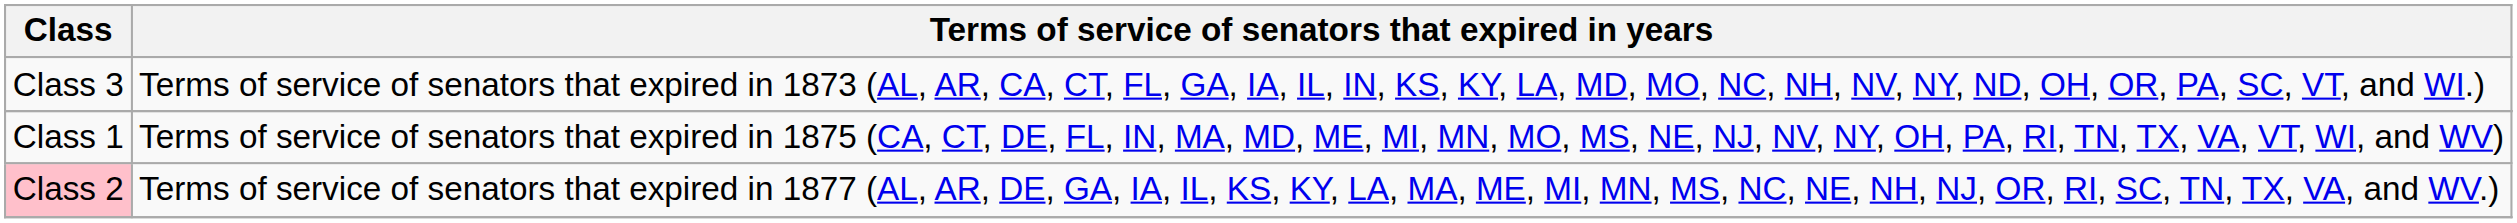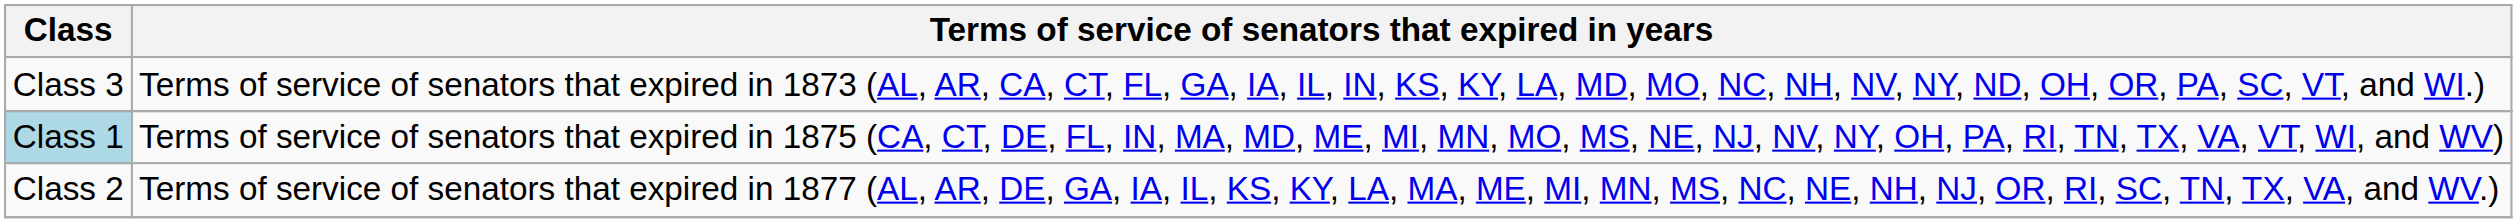 <table class="wikitable sortable">
 <tr valign=bottom>
 <th>Class</th>
 <th>Terms of service of senators that expired in years</th>
 </tr>
 <tr>
 <td>Class 3</td>
 <td>Terms of service of senators that expired in 1873 (<a href='#'>AL</a>, <a href='#'>AR</a>, <a href='#'>CA</a>, <a href='#'>CT</a>, <a href='#'>FL</a>, <a href='#'>GA</a>, <a href='#'>IA</a>, <a href='#'>IL</a>, <a href='#'>IN</a>, <a href='#'>KS</a>, <a href='#'>KY</a>, <a href='#'>LA</a>, <a href='#'>MD</a>, <a href='#'>MO</a>, <a href='#'>NC</a>, <a href='#'>NH</a>, <a href='#'>NV</a>, <a href='#'>NY</a>, <a href='#'>ND</a>, <a href='#'>OH</a>, <a href='#'>OR</a>, <a href='#'>PA</a>, <a href='#'>SC</a>, <a href='#'>VT</a>, and <a href='#'>WI</a>.)</td>
 </tr>
 <tr>
 </tr>
 <tr>
-<td>Class 1</td>
+<td style="background: lightblue;">Class 1</td>
 <td>Terms of service of senators that expired in 1875 (<a href='#'>CA</a>, <a href='#'>CT</a>, <a href='#'>DE</a>, <a href='#'>FL</a>, <a href='#'>IN</a>, <a href='#'>MA</a>, <a href='#'>MD</a>, <a href='#'>ME</a>,  <a href='#'>MI</a>, <a href='#'>MN</a>, <a href='#'>MO</a>, <a href='#'>MS</a>, <a href='#'>NE</a>, <a href='#'>NJ</a>,  <a href='#'>NV</a>, <a href='#'>NY</a>, <a href='#'>OH</a>, <a href='#'>PA</a>, <a href='#'>RI</a>, <a href='#'>TN</a>, <a href='#'>TX</a>, <a href='#'>VA</a>, <a href='#'>VT</a>, <a href='#'>WI</a>, and <a href='#'>WV</a>)</td>
 </tr>
 <tr>
-<td style="background: pink;">Class 2</td>
+<td>Class 2</td>
 <td>Terms of service of senators that expired in 1877 (<a href='#'>AL</a>, <a href='#'>AR</a>, <a href='#'>DE</a>, <a href='#'>GA</a>, <a href='#'>IA</a>, <a href='#'>IL</a>, <a href='#'>KS</a>, <a href='#'>KY</a>, <a href='#'>LA</a>, <a href='#'>MA</a>, <a href='#'>ME</a>, <a href='#'>MI</a>, <a href='#'>MN</a>, <a href='#'>MS</a>, <a href='#'>NC</a>, <a href='#'>NE</a>, <a href='#'>NH</a>, <a href='#'>NJ</a>, <a href='#'>OR</a>, <a href='#'>RI</a>, <a href='#'>SC</a>, <a href='#'>TN</a>, <a href='#'>TX</a>, <a href='#'>VA</a>, and <a href='#'>WV</a>.)</td>
 </tr>
 <tr>
 </tr>
 </table>
